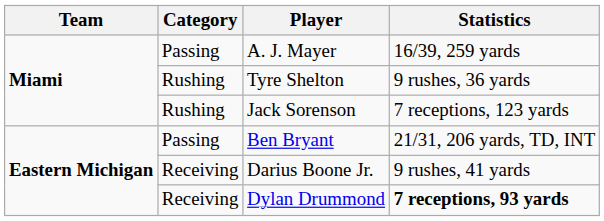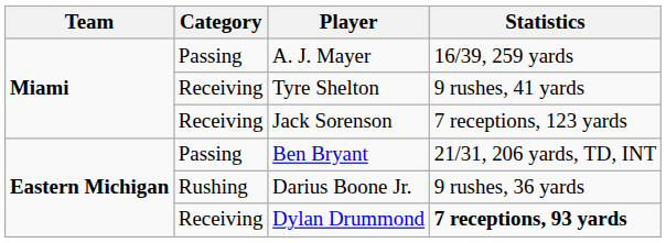 <table class="wikitable" style="float: left;">
 <tr>
 <th>Team</th>
 <th>Category</th>
 <th>Player</th>
 <th>Statistics</th>
 </tr>
 <tr>
 <td rowspan=3><strong>Miami</strong></td>
 <td>Passing</td>
 <td>A. J. Mayer</td>
 <td>16/39, 259 yards</td>
 </tr>
 <tr>
-<td>Rushing</td>
+<td>Receiving</td>
 <td>Tyre Shelton</td>
-<td>9 rushes, 36 yards</td>
+<td>9 rushes, 41 yards</td>
 </tr>
 <tr>
-<td>Rushing</td>
+<td>Receiving</td>
 <td>Jack Sorenson</td>
 <td>7 receptions, 123 yards</td>
 </tr>
 <tr>
 <td rowspan=3><strong>Eastern Michigan</strong></td>
 <td>Passing</td>
 <td><a href='#'>Ben Bryant</a></td>
 <td>21/31, 206 yards, TD, INT</td>
 </tr>
 <tr>
-<td>Receiving</td>
+<td>Rushing</td>
 <td>Darius Boone Jr.</td>
-<td>9 rushes, 41 yards</td>
+<td>9 rushes, 36 yards</td>
 </tr>
 <tr>
 <td>Receiving</td>
 <td><a href='#'>Dylan Drummond</a></td>
 <td><strong>7 receptions, 93 yards</strong></td>
 </tr>
 </table>
